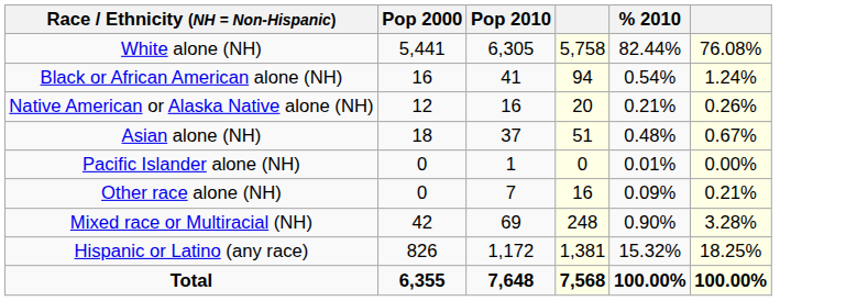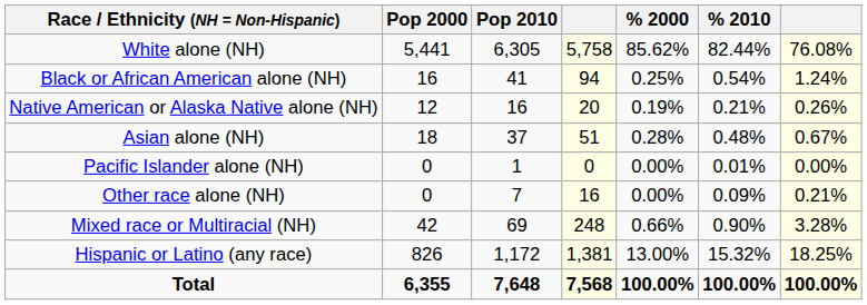 <table class="wikitable" style="text-align:center;">
 <tr>
 <th>Race / Ethnicity <small>(<em>NH = Non-Hispanic</em>)</small></th>
 <th>Pop 2000</th>
 <th>Pop 2010</th>
 <th></th>
+<th>% 2000</th>
 <th>% 2010</th>
 <th></th>
 </tr>
 <tr>
 <td><a href='#'>White</a> alone (NH)</td>
 <td>5,441</td>
 <td>6,305</td>
 <td style='background: #ffffe6;'>5,758</td>
+<td>85.62%</td>
 <td>82.44%</td>
 <td style='background: #ffffe6;'>76.08%</td>
 </tr>
 <tr>
 <td><a href='#'>Black or African American</a> alone (NH)</td>
 <td>16</td>
 <td>41</td>
 <td style='background: #ffffe6;'>94</td>
+<td>0.25%</td>
 <td>0.54%</td>
 <td style='background: #ffffe6;'>1.24%</td>
 </tr>
 <tr>
 <td><a href='#'>Native American</a> or <a href='#'>Alaska Native</a> alone (NH)</td>
 <td>12</td>
 <td>16</td>
 <td style='background: #ffffe6;'>20</td>
+<td>0.19%</td>
 <td>0.21%</td>
 <td style='background: #ffffe6;'>0.26%</td>
 </tr>
 <tr>
 <td><a href='#'>Asian</a> alone (NH)</td>
 <td>18</td>
 <td>37</td>
 <td style='background: #ffffe6;'>51</td>
+<td>0.28%</td>
 <td>0.48%</td>
 <td style='background: #ffffe6;'>0.67%</td>
 </tr>
 <tr>
 <td><a href='#'>Pacific Islander</a> alone (NH)</td>
 <td>0</td>
 <td>1</td>
 <td style='background: #ffffe6;'>0</td>
+<td>0.00%</td>
 <td>0.01%</td>
 <td style='background: #ffffe6;'>0.00%</td>
 </tr>
 <tr>
 <td><a href='#'>Other race</a> alone (NH)</td>
 <td>0</td>
 <td>7</td>
 <td style='background: #ffffe6;'>16</td>
+<td>0.00%</td>
 <td>0.09%</td>
 <td style='background: #ffffe6;'>0.21%</td>
 </tr>
 <tr>
 <td><a href='#'>Mixed race or Multiracial</a> (NH)</td>
 <td>42</td>
 <td>69</td>
 <td style='background: #ffffe6;'>248</td>
+<td>0.66%</td>
 <td>0.90%</td>
 <td style='background: #ffffe6;'>3.28%</td>
 </tr>
 <tr>
 <td><a href='#'>Hispanic or Latino</a> (any race)</td>
 <td>826</td>
 <td>1,172</td>
 <td style='background: #ffffe6;'>1,381</td>
+<td>13.00%</td>
 <td>15.32%</td>
 <td style='background: #ffffe6;'>18.25%</td>
 </tr>
 <tr>
 <td><strong>Total</strong></td>
 <td><strong>6,355</strong></td>
 <td><strong>7,648</strong></td>
 <td style='background: #ffffe6;'><strong>7,568</strong></td>
 <td><strong>100.00%</strong></td>
+<td><strong>100.00%</strong></td>
 <td style='background: #ffffe6;'><strong>100.00%</strong></td>
 </tr>
 </table>
